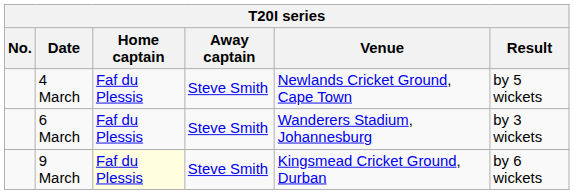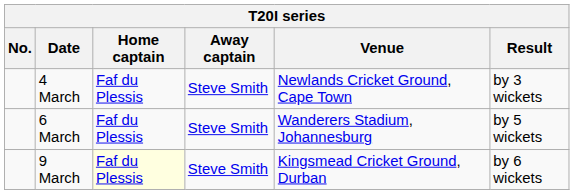 <table class="wikitable">
 <tr>
 <th colspan="9">T20I series</th>
 </tr>
 <tr>
 <th>No.</th>
 <th>Date</th>
 <th>Home captain</th>
 <th>Away captain</th>
 <th>Venue</th>
 <th>Result</th>
 </tr>
 <tr>
 <td></td>
 <td>4 March</td>
 <td><a href='#'>Faf du Plessis</a></td>
 <td><a href='#'>Steve Smith</a></td>
 <td><a href='#'>Newlands Cricket Ground</a>, <a href='#'>Cape Town</a></td>
-<td> by 5 wickets</td>
+<td> by 3 wickets</td>
 </tr>
 <tr>
 <td></td>
 <td>6 March</td>
 <td><a href='#'>Faf du Plessis</a></td>
 <td><a href='#'>Steve Smith</a></td>
 <td><a href='#'>Wanderers Stadium</a>, <a href='#'>Johannesburg</a></td>
-<td> by 3 wickets</td>
+<td> by 5 wickets</td>
 </tr>
 <tr>
 <td></td>
 <td>9 March</td>
 <td style="background: lightyellow;"><a href='#'>Faf du Plessis</a></td>
 <td><a href='#'>Steve Smith</a></td>
 <td><a href='#'>Kingsmead Cricket Ground</a>, <a href='#'>Durban</a></td>
 <td> by 6 wickets</td>
 </tr>
 </table>
